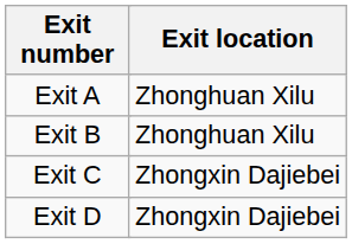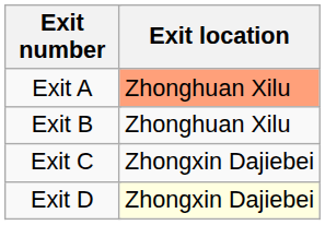 <table class="wikitable">
 <tr>
 <th style="width:70px" colspan="2">Exit number</th>
 <th>Exit location</th>
 </tr>
 <tr>
 <td align="center" colspan="2">Exit A</td>
-<td>Zhonghuan Xilu</td>
+<td style="background: lightsalmon;">Zhonghuan Xilu</td>
 </tr>
 <tr>
 <td align="center" colspan="2">Exit B</td>
 <td>Zhonghuan Xilu</td>
 </tr>
 <tr>
 <td align="center" colspan="2">Exit C</td>
 <td>Zhongxin Dajiebei</td>
 </tr>
 <tr>
 <td align="center" colspan="2">Exit D</td>
-<td>Zhongxin Dajiebei</td>
+<td style="background: lightyellow;">Zhongxin Dajiebei</td>
 </tr>
 </table>
